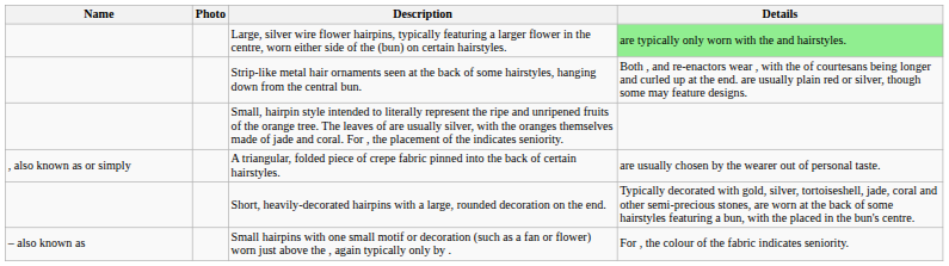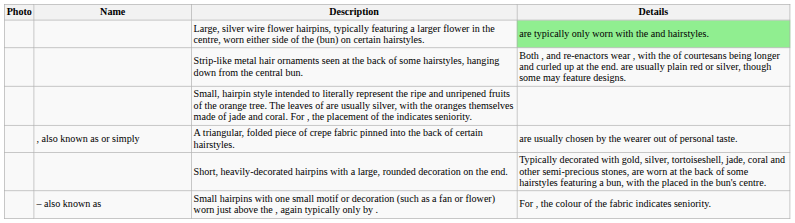 <table class="wikitable sortable">
 <tr>
+<th>Photo</th>
 <th width=20%>Name</th>
-<th>Photo</th>
 <th>Description</th>
 <th>Details</th>
 </tr>
 <tr>
 <td></td>
 <td></td>
 <td>Large, silver wire flower hairpins, typically featuring a larger flower in the centre, worn either side of the  (bun) on certain hairstyles.</td>
 <td style="background: lightgreen;"> are typically only worn with the  and  hairstyles.</td>
 </tr>
 <tr>
 <td></td>
 <td></td>
 <td>Strip-like metal hair ornaments seen at the back of some hairstyles, hanging down from the central bun.</td>
 <td>Both ,  and  re-enactors wear , with the  of courtesans being longer and curled up at the end.  are usually plain red or silver, though some may feature designs.</td>
 </tr>
 <tr>
 <td></td>
 <td></td>
 <td>Small, hairpin style  intended to literally represent the ripe and unripened fruits of the  orange tree. The leaves of  are usually silver, with the oranges themselves made of jade and coral. For , the placement of the  indicates seniority.</td>
 <td></td>
 </tr>
 <tr>
+<td></td>
 <td>, also known as  or simply </td>
-<td></td>
 <td>A triangular, folded piece of crepe fabric pinned into the back of certain hairstyles.</td>
 <td> are usually chosen by the wearer out of personal taste.</td>
 </tr>
 <tr>
 <td></td>
 <td></td>
 <td>Short, heavily-decorated hairpins with a large, rounded decoration on the end.</td>
 <td>Typically decorated with gold, silver, tortoiseshell, jade, coral and other semi-precious stones,  are worn at the back of some hairstyles featuring a bun, with the  placed in the bun's centre.</td>
 </tr>
 <tr>
+<td></td>
 <td> – also known as </td>
-<td></td>
 <td>Small hairpins with one small motif or decoration (such as a fan or flower) worn just above the , again typically only by .</td>
 <td>For , the colour of the fabric indicates seniority.</td>
 </tr>
 </table>
